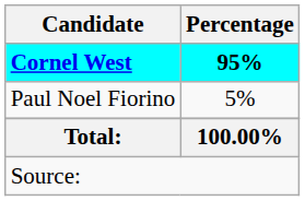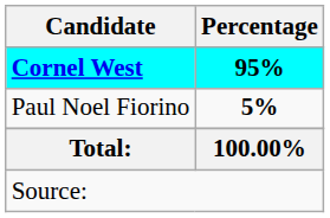 <table class="wikitable sortable tpl-blanktable" style="font-size:90%;text-align:center;">
 <tr>
 <th rowspan="2">Candidate</th>
 <th rowspan="2">Percentage</th>
 </tr>
 <tr>
 </tr>
 <tr style="background:#00FFFF">
 <td style="text-align:left;"><strong><a href='#'>Cornel West</a></strong></td>
 <td><strong>95%</strong></td>
 </tr>
 <tr>
 <td style="text-align:left;">Paul Noel Fiorino</td>
-<td>5%</td>
+<td><strong>5%</strong></td>
 </tr>
 <tr>
 </tr>
 <tr style="background:#eee;">
 <th>Total:</th>
 <th>100.00%</th>
 </tr>
 <tr>
 <td colspan="5" style="text-align:left;">Source:</td>
 </tr>
 </table>
